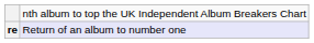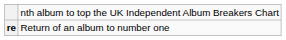 <table class="wikitable plainrowheaders" style="font-size:90%;">
 <tr>
 <th scope=col></th>
 <td>nth album to top the UK Independent Album Breakers Chart</td>
 </tr>
 <tr>
 <th scope=row style="text-align:center;">re</th>
-<td style="background: lavender;">Return of an album to number one</td>
+<td>Return of an album to number one</td>
 </tr>
 </table>
